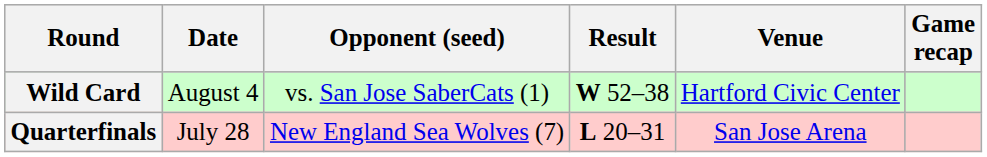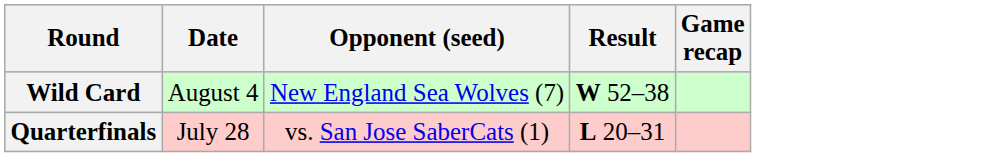 <table class="wikitable" style="text-align:center">
 <tr>
 <th>Round</th>
 <th>Date</th>
 <th>Opponent (seed)</th>
 <th>Result</th>
-<th>Venue</th>
 <th>Game<br>recap</th>
 </tr>
 <tr style="background:#cfc">
 <th>Wild Card</th>
 <td>August 4</td>
-<td>vs. <a href='#'>San Jose SaberCats</a> (1)</td>
+<td><a href='#'>New England Sea Wolves</a> (7)</td>
 <td><strong>W</strong> 52–38</td>
-<td><a href='#'>Hartford Civic Center</a></td>
 <td></td>
 </tr>
 <tr style="background:#fcc">
 <th>Quarterfinals</th>
 <td>July 28</td>
-<td><a href='#'>New England Sea Wolves</a> (7)</td>
+<td>vs. <a href='#'>San Jose SaberCats</a> (1)</td>
 <td><strong>L</strong> 20–31</td>
-<td><a href='#'>San Jose Arena</a></td>
 <td></td>
 </tr>
 </table>
